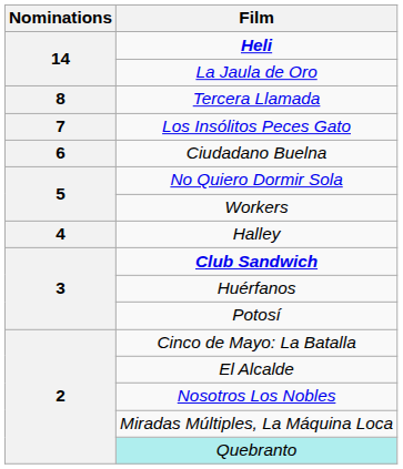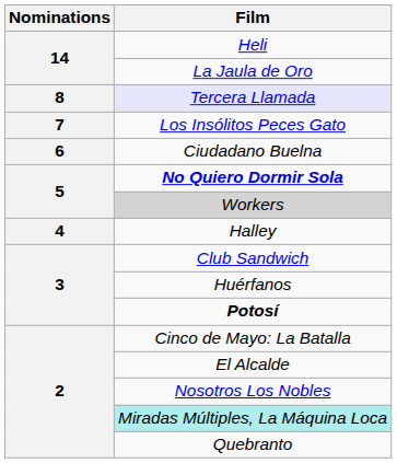 <table class="wikitable plainrowheaders" style="text-align:center;">
 <tr>
 <th scope="col" width="55">Nominations</th>
 <th scope="col" align="center">Film</th>
 </tr>
 <tr>
 <th scope=row rowspan=2 style="text-align:center">14</th>
-<td><strong><em><a href='#'>Heli</a></em></strong></td>
+<td><em><a href='#'>Heli</a></em></td>
 </tr>
 <tr>
 <td><em><a href='#'>La Jaula de Oro</a></em></td>
 </tr>
 <tr>
 <th scope=row rowspan=1 style="text-align:center">8</th>
-<td><em><a href='#'>Tercera Llamada</a></em></td>
+<td style="background: lavender;"><em><a href='#'>Tercera Llamada</a></em></td>
 </tr>
 <tr>
 <th scope=row rowspan=1 style="text-align:center">7</th>
 <td><em><a href='#'>Los Insólitos Peces Gato</a></em></td>
 </tr>
 <tr>
 <th scope=row rowspan=1 style="text-align:center">6</th>
 <td><em>Ciudadano Buelna</em></td>
 </tr>
 <tr>
 <th scope=row rowspan=2 style="text-align:center">5</th>
-<td><em><a href='#'>No Quiero Dormir Sola</a></em></td>
+<td><strong><em><a href='#'>No Quiero Dormir Sola</a></em></strong></td>
 </tr>
 <tr>
-<td><em>Workers</em></td>
+<td style="background: lightgrey;"><em>Workers</em></td>
 </tr>
 <tr>
 <th scope=row rowspan=1 style="text-align:center">4</th>
 <td><em>Halley</em></td>
 </tr>
 <tr>
 <th scope=row rowspan=3 style="text-align:center">3</th>
-<td><strong><em><a href='#'>Club Sandwich</a></em></strong></td>
+<td><em><a href='#'>Club Sandwich</a></em></td>
 </tr>
 <tr>
 <td><em>Huérfanos</em></td>
 </tr>
 <tr>
-<td><em>Potosí</em></td>
+<td><strong><em>Potosí</em></strong></td>
 </tr>
 <tr>
 <th scope=row rowspan=5 style="text-align:center">2</th>
 <td><em>Cinco de Mayo: La Batalla</em></td>
 </tr>
 <tr>
 <td><em>El Alcalde</em></td>
 </tr>
 <tr>
 <td><em><a href='#'>Nosotros Los Nobles</a></em></td>
 </tr>
 <tr>
-<td><em>Miradas Múltiples, La Máquina Loca</em></td>
+<td style="background: paleturquoise;"><em>Miradas Múltiples, La Máquina Loca</em></td>
 </tr>
 <tr>
-<td style="background: paleturquoise;"><em>Quebranto</em></td>
+<td><em>Quebranto</em></td>
 </tr>
 </table>
